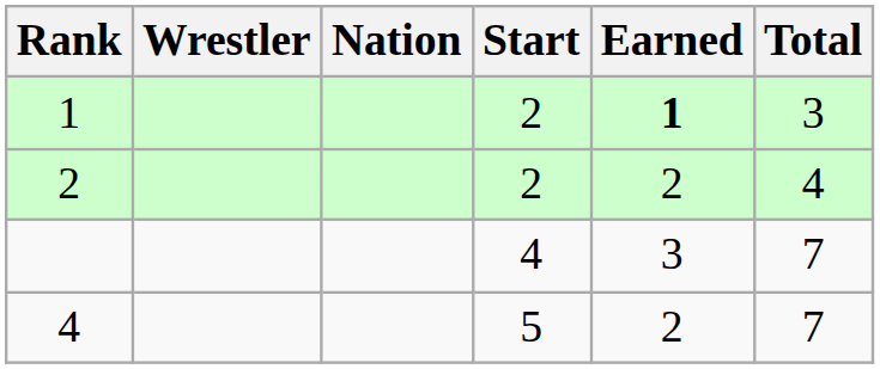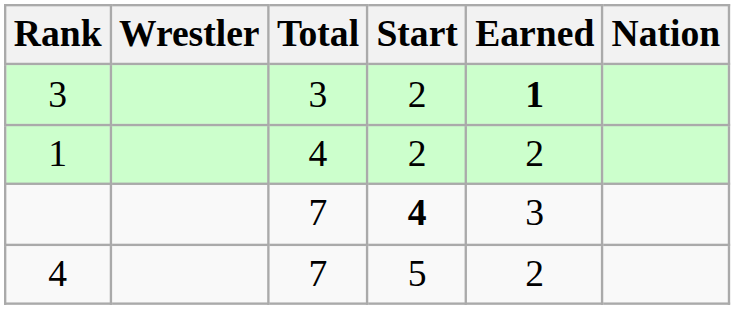 <table class="wikitable sortable" style="text-align:center;">
 <tr>
 <th>Rank</th>
 <th>Wrestler</th>
-<th>Nation</th>
+<th>Total</th>
 <th>Start</th>
 <th>Earned</th>
-<th>Total</th>
+<th>Nation</th>
+</tr>
+<tr style="background:#cfc;">
+<td>3</td>
+<td align=left></td>
+<td>3</td>
+<td>2</td>
+<td><strong>1</strong></td>
+<td align=left></td>
 </tr>
 <tr style="background:#cfc;">
 <td>1</td>
 <td align=left></td>
-<td align=left></td>
+<td>4</td>
 <td>2</td>
-<td><strong>1</strong></td>
-<td>3</td>
-</tr>
-<tr style="background:#cfc;">
 <td>2</td>
 <td align=left></td>
-<td align=left></td>
-<td>2</td>
-<td>2</td>
-<td>4</td>
 </tr>
 <tr>
 <td></td>
 <td align=left></td>
+<td>7</td>
+<td><strong>4</strong></td>
+<td>3</td>
 <td align=left></td>
-<td>4</td>
-<td>3</td>
-<td>7</td>
 </tr>
 <tr>
 <td>4</td>
 <td align=left></td>
-<td align=left></td>
+<td>7</td>
 <td>5</td>
 <td>2</td>
-<td>7</td>
+<td align=left></td>
 </tr>
 </table>
